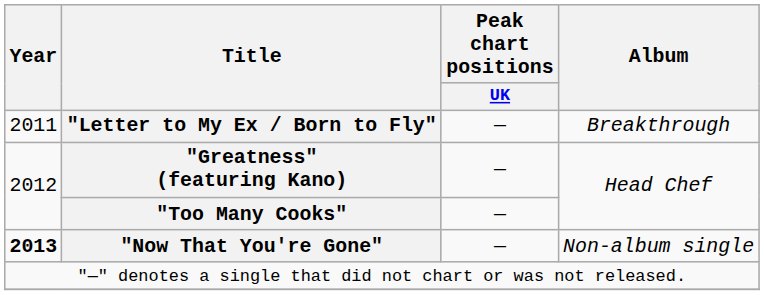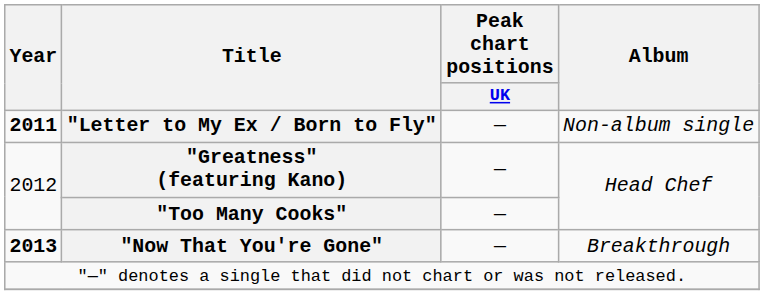 <table class="wikitable plainrowheaders" style="text-align:center;">
 <tr>
 <th scope="col" rowspan="2">Year</th>
 <th scope="col" rowspan="2">Title</th>
 <th scope="col" colspan="1">Peak chart positions</th>
 <th scope="col" rowspan="2">Album</th>
 </tr>
 <tr>
 <th scope="col" style="width:3em;font-size:85%;"><a href='#'>UK</a></th>
 </tr>
 <tr>
-<td>2011</td>
+<td><strong>2011</strong></td>
 <th scope="row">"Letter to My Ex / Born to Fly"</th>
 <td>—</td>
-<td><em>Breakthrough</em></td>
+<td><em>Non-album single</em></td>
 </tr>
 <tr>
 <td rowspan="2">2012</td>
 <th scope="row">"Greatness"<br><span>(featuring Kano)</span></th>
 <td>—</td>
 <td rowspan="2"><em>Head Chef</em></td>
 </tr>
 <tr>
 <th scope="row">"Too Many Cooks"</th>
 <td>—</td>
 </tr>
 <tr>
 <td><strong>2013</strong></td>
 <th scope="row">"Now That You're Gone"<br></th>
 <td>—</td>
-<td><em>Non-album single</em></td>
+<td><em>Breakthrough</em></td>
 </tr>
 <tr>
 <td colspan="14" style="font-size:85%">"—" denotes a single that did not chart or was not released.</td>
 </tr>
 <tr>
 </tr>
 </table>
